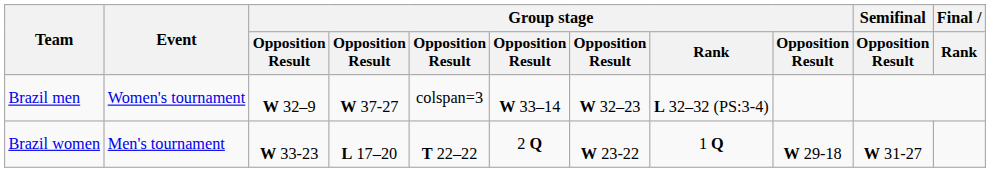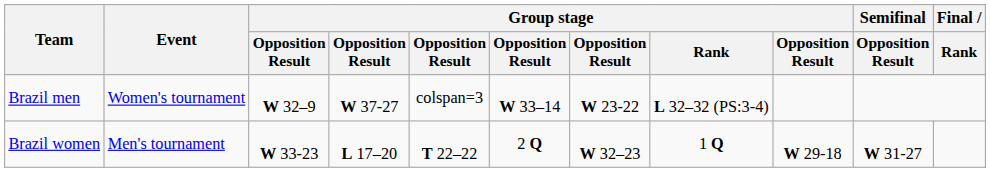 <table class=wikitable style=font-size:90%;text-align:center>
 <tr>
 <th rowspan=2>Team</th>
 <th rowspan=2>Event</th>
 <th colspan=7>Group stage</th>
 <th>Semifinal</th>
 <th colspan=2>Final / </th>
 </tr>
 <tr style=font-size:95%>
 <th>Opposition<br>Result</th>
 <th>Opposition<br>Result</th>
 <th>Opposition<br>Result</th>
 <th>Opposition<br>Result</th>
 <th>Opposition<br>Result</th>
 <th>Rank</th>
 <th>Opposition<br>Result</th>
 <th>Opposition<br>Result</th>
 <th>Rank</th>
 </tr>
 <tr>
 <td align=left><a href='#'>Brazil men</a></td>
 <td align=left><a href='#'>Women's tournament</a></td>
 <td><br><strong>W</strong> 32–9</td>
 <td><br> <strong>W</strong> 37-27</td>
 <td>colspan=3 </td>
 <td><br><strong>W</strong> 33–14</td>
-<td><br><strong>W</strong> 32–23</td>
+<td><br><strong>W</strong> 23-22</td>
 <td><br><strong>L</strong> 32–32 (PS:3-4)</td>
 <td></td>
 </tr>
 <tr>
 <td align=left><a href='#'>Brazil women</a></td>
 <td align=left><a href='#'>Men's tournament</a></td>
 <td><br><strong>W</strong> 33-23</td>
 <td><br><strong>L</strong> 17–20</td>
 <td><br><strong>T</strong> 22–22</td>
 <td>2 <strong>Q</strong></td>
-<td><br><strong>W</strong> 23-22</td>
+<td><br><strong>W</strong> 32–23</td>
 <td>1 <strong>Q</strong></td>
 <td><br><strong>W</strong> 29-18</td>
 <td><br><strong>W</strong> 31-27</td>
 <td></td>
 </tr>
 </table>
